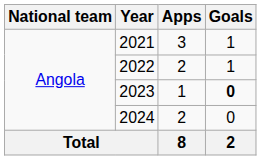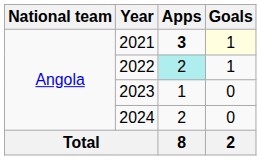 <table class="wikitable" style="text-align:center">
 <tr>
 <th>National team</th>
 <th>Year</th>
 <th>Apps</th>
 <th>Goals</th>
 </tr>
 <tr>
 <td rowspan="4"><a href='#'>Angola</a></td>
 <td>2021</td>
-<td>3</td>
-<td>1</td>
+<td><strong>3</strong></td>
+<td style="background: lightyellow;">1</td>
 </tr>
 <tr>
 <td>2022</td>
-<td>2</td>
+<td style="background: paleturquoise;">2</td>
 <td>1</td>
 </tr>
 <tr>
 <td>2023</td>
 <td>1</td>
-<td><strong>0</strong></td>
+<td>0</td>
 </tr>
 <tr>
 <td>2024</td>
 <td>2</td>
 <td>0</td>
 </tr>
 <tr>
 <th colspan="2">Total</th>
 <th>8</th>
 <th>2</th>
 </tr>
 </table>
